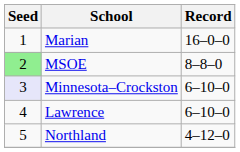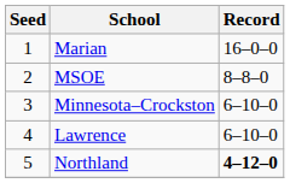 <table class="wikitable">
 <tr>
 <th>Seed</th>
 <th>School</th>
 <th>Record</th>
 </tr>
 <tr>
 <td align=center>1</td>
 <td><a href='#'>Marian</a></td>
 <td>16–0–0</td>
 </tr>
 <tr>
-<td align=center style="background: lightgreen;">2</td>
+<td align=center>2</td>
 <td><a href='#'>MSOE</a></td>
 <td>8–8–0</td>
 </tr>
 <tr>
-<td align=center style="background: lavender;">3</td>
+<td align=center>3</td>
 <td><a href='#'>Minnesota–Crockston</a></td>
 <td>6–10–0</td>
 </tr>
 <tr>
 <td align=center>4</td>
 <td><a href='#'>Lawrence</a></td>
 <td>6–10–0</td>
 </tr>
 <tr>
 <td align=center>5</td>
 <td><a href='#'>Northland</a></td>
-<td>4–12–0</td>
+<td><strong>4–12–0</strong></td>
 </tr>
 <tr>
 </tr>
 </table>
